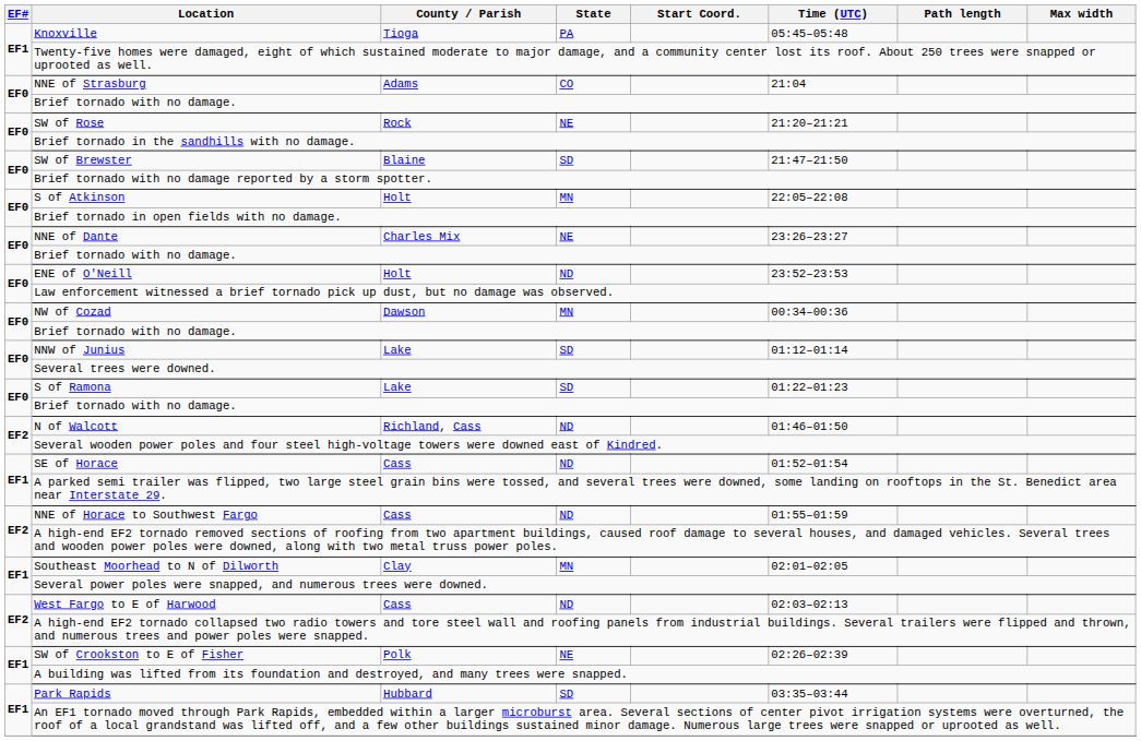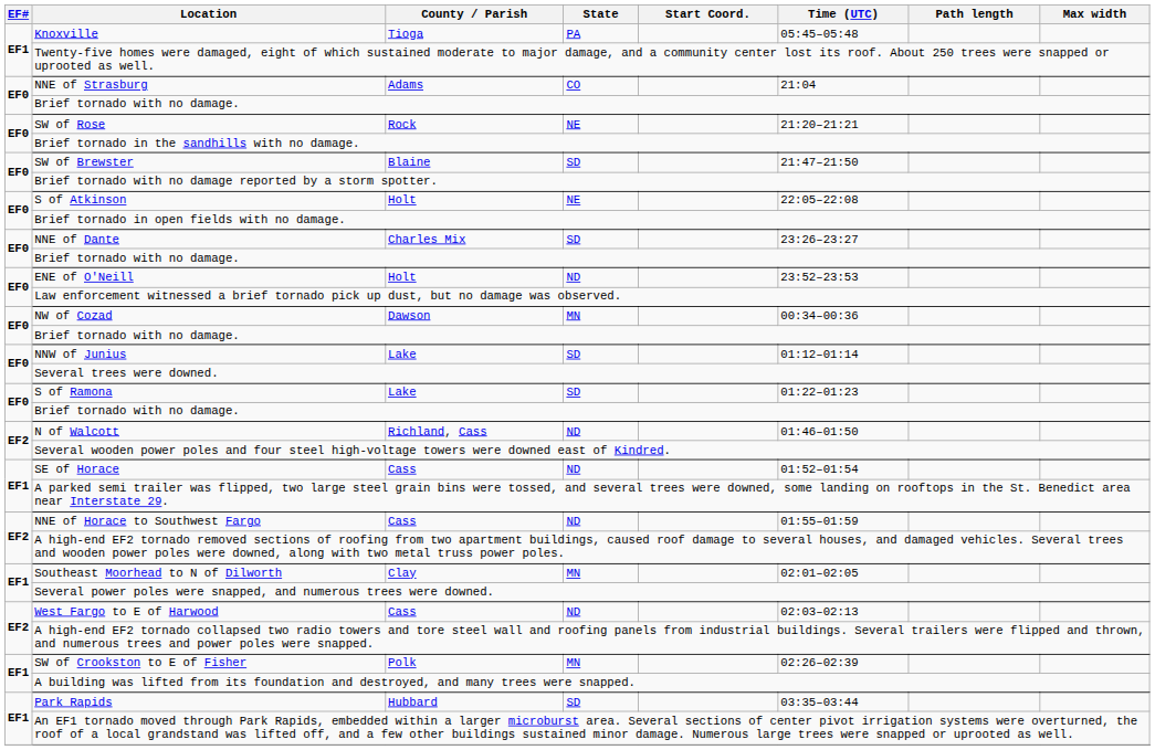 <table class="wikitable sortable" style="width:100%;">
 <tr>
 <th scope="col" width="2%" align="center"><a href='#'>EF#</a></th>
 <th scope="col" align="center" class="unsortable">Location</th>
 <th scope="col" align="center" class="unsortable">County / Parish</th>
 <th scope="col" align="center">State</th>
 <th scope="col" align="center" data-sort-type="number">Start Coord.</th>
 <th scope="col" align="center" data-sort-type="number">Time (<a href='#'>UTC</a>)</th>
 <th scope="col" align="center" data-sort-type="number">Path length</th>
 <th scope="col" align="center" data-sort-type="number">Max width</th>
 </tr>
 <tr>
 <td rowspan="2" align="center"><strong>EF1</strong></td>
 <td><a href='#'>Knoxville</a></td>
 <td><a href='#'>Tioga</a></td>
 <td><a href='#'>PA</a></td>
 <td></td>
 <td>05:45–05:48</td>
 <td></td>
 <td></td>
 </tr>
 <tr class="expand-child">
 <td colspan="8" style=" border-bottom: 1px solid black;">Twenty-five homes were damaged, eight of which sustained moderate to major damage, and a community center lost its roof. About 250 trees were snapped or uprooted as well.</td>
 </tr>
 <tr>
 <td rowspan="2" align="center"><strong>EF0</strong></td>
 <td>NNE of <a href='#'>Strasburg</a></td>
 <td><a href='#'>Adams</a></td>
 <td><a href='#'>CO</a></td>
 <td></td>
 <td>21:04</td>
 <td></td>
 <td></td>
 </tr>
 <tr class="expand-child">
 <td colspan="8" style=" border-bottom: 1px solid black;">Brief tornado with no damage.</td>
 </tr>
 <tr>
 <td rowspan="2" align="center"><strong>EF0</strong></td>
 <td>SW of <a href='#'>Rose</a></td>
 <td><a href='#'>Rock</a></td>
 <td><a href='#'>NE</a></td>
 <td></td>
 <td>21:20–21:21</td>
 <td></td>
 <td></td>
 </tr>
 <tr class="expand-child">
 <td colspan="8" style=" border-bottom: 1px solid black;">Brief tornado in the <a href='#'>sandhills</a> with no damage.</td>
 </tr>
 <tr>
 <td rowspan="2" align="center"><strong>EF0</strong></td>
 <td>SW of <a href='#'>Brewster</a></td>
 <td><a href='#'>Blaine</a></td>
 <td><a href='#'>SD</a></td>
 <td></td>
 <td>21:47–21:50</td>
 <td></td>
 <td></td>
 </tr>
 <tr class="expand-child">
 <td colspan="8" style=" border-bottom: 1px solid black;">Brief tornado with no damage reported by a storm spotter.</td>
 </tr>
 <tr>
 <td rowspan="2" align="center"><strong>EF0</strong></td>
 <td>S of <a href='#'>Atkinson</a></td>
 <td><a href='#'>Holt</a></td>
-<td><a href='#'>MN</a></td>
+<td><a href='#'>NE</a></td>
 <td></td>
 <td>22:05–22:08</td>
 <td></td>
 <td></td>
 </tr>
 <tr class="expand-child">
 <td colspan="8" style=" border-bottom: 1px solid black;">Brief tornado in open fields with no damage.</td>
 </tr>
 <tr>
 <td rowspan="2" align="center"><strong>EF0</strong></td>
 <td>NNE of <a href='#'>Dante</a></td>
 <td><a href='#'>Charles Mix</a></td>
-<td><a href='#'>NE</a></td>
+<td><a href='#'>SD</a></td>
 <td></td>
 <td>23:26–23:27</td>
 <td></td>
 <td></td>
 </tr>
 <tr class="expand-child">
 <td colspan="8" style=" border-bottom: 1px solid black;">Brief tornado with no damage.</td>
 </tr>
 <tr>
 <td rowspan="2" align="center"><strong>EF0</strong></td>
 <td>ENE of <a href='#'>O'Neill</a></td>
 <td><a href='#'>Holt</a></td>
 <td><a href='#'>ND</a></td>
 <td></td>
 <td>23:52–23:53</td>
 <td></td>
 <td></td>
 </tr>
 <tr class="expand-child">
 <td colspan="8" style=" border-bottom: 1px solid black;">Law enforcement witnessed a brief tornado pick up dust, but no damage was observed.</td>
 </tr>
 <tr>
 <td rowspan="2" align="center"><strong>EF0</strong></td>
 <td>NW of <a href='#'>Cozad</a></td>
 <td><a href='#'>Dawson</a></td>
 <td><a href='#'>MN</a></td>
 <td></td>
 <td>00:34–00:36</td>
 <td></td>
 <td></td>
 </tr>
 <tr class="expand-child">
 <td colspan="8" style=" border-bottom: 1px solid black;">Brief tornado with no damage.</td>
 </tr>
 <tr>
 <td rowspan="2" align="center"><strong>EF0</strong></td>
 <td>NNW of <a href='#'>Junius</a></td>
 <td><a href='#'>Lake</a></td>
 <td><a href='#'>SD</a></td>
 <td></td>
 <td>01:12–01:14</td>
 <td></td>
 <td></td>
 </tr>
 <tr class="expand-child">
 <td colspan="8" style=" border-bottom: 1px solid black;">Several trees were downed.</td>
 </tr>
 <tr>
 <td rowspan="2" align="center"><strong>EF0</strong></td>
 <td>S of <a href='#'>Ramona</a></td>
 <td><a href='#'>Lake</a></td>
 <td><a href='#'>SD</a></td>
 <td></td>
 <td>01:22–01:23</td>
 <td></td>
 <td></td>
 </tr>
 <tr class="expand-child">
 <td colspan="8" style=" border-bottom: 1px solid black;">Brief tornado with no damage.</td>
 </tr>
 <tr>
 <td rowspan="2" align="center"><strong>EF2</strong></td>
 <td>N of <a href='#'>Walcott</a></td>
 <td><a href='#'>Richland</a>, <a href='#'>Cass</a></td>
 <td><a href='#'>ND</a></td>
 <td></td>
 <td>01:46–01:50</td>
 <td></td>
 <td></td>
 </tr>
 <tr class="expand-child">
 <td colspan="8" style=" border-bottom: 1px solid black;">Several wooden power poles and four steel high-voltage towers were downed east of <a href='#'>Kindred</a>.</td>
 </tr>
 <tr>
 <td rowspan="2" align="center"><strong>EF1</strong></td>
 <td>SE of <a href='#'>Horace</a></td>
 <td><a href='#'>Cass</a></td>
 <td><a href='#'>ND</a></td>
 <td></td>
 <td>01:52–01:54</td>
 <td></td>
 <td></td>
 </tr>
 <tr class="expand-child">
 <td colspan="8" style=" border-bottom: 1px solid black;">A parked semi trailer was flipped, two large steel grain bins were tossed, and several trees were downed, some landing on rooftops in the St. Benedict area near <a href='#'>Interstate 29</a>.</td>
 </tr>
 <tr>
 <td rowspan="2" align="center"><strong>EF2</strong></td>
 <td>NNE of <a href='#'>Horace</a> to Southwest <a href='#'>Fargo</a></td>
 <td><a href='#'>Cass</a></td>
 <td><a href='#'>ND</a></td>
 <td></td>
 <td>01:55–01:59</td>
 <td></td>
 <td></td>
 </tr>
 <tr class="expand-child">
 <td colspan="8" style=" border-bottom: 1px solid black;">A high-end EF2 tornado removed sections of roofing from two apartment buildings, caused roof damage to several houses, and damaged vehicles. Several trees and wooden power poles were downed, along with two metal truss power poles.</td>
 </tr>
 <tr>
 <td rowspan="2" align="center"><strong>EF1</strong></td>
 <td>Southeast <a href='#'>Moorhead</a> to N of <a href='#'>Dilworth</a></td>
 <td><a href='#'>Clay</a></td>
 <td><a href='#'>MN</a></td>
 <td></td>
 <td>02:01–02:05</td>
 <td></td>
 <td></td>
 </tr>
 <tr class="expand-child">
 <td colspan="8" style=" border-bottom: 1px solid black;">Several power poles were snapped, and numerous trees were downed.</td>
 </tr>
 <tr>
 <td rowspan="2" align="center"><strong>EF2</strong></td>
 <td><a href='#'>West Fargo</a> to E of <a href='#'>Harwood</a></td>
 <td><a href='#'>Cass</a></td>
 <td><a href='#'>ND</a></td>
 <td></td>
 <td>02:03–02:13</td>
 <td></td>
 <td></td>
 </tr>
 <tr class="expand-child">
 <td colspan="8" style=" border-bottom: 1px solid black;">A high-end EF2 tornado collapsed two radio towers and tore steel wall and roofing panels from industrial buildings. Several trailers were flipped and thrown, and numerous trees and power poles were snapped.</td>
 </tr>
 <tr>
 <td rowspan="2" align="center"><strong>EF1</strong></td>
 <td>SW of <a href='#'>Crookston</a> to E of <a href='#'>Fisher</a></td>
 <td><a href='#'>Polk</a></td>
-<td><a href='#'>NE</a></td>
+<td><a href='#'>MN</a></td>
 <td></td>
 <td>02:26–02:39</td>
 <td></td>
 <td></td>
 </tr>
 <tr class="expand-child">
 <td colspan="8" style=" border-bottom: 1px solid black;">A  building was lifted from its foundation and destroyed, and many trees were snapped.</td>
 </tr>
 <tr>
 <td rowspan="2" align="center"><strong>EF1</strong></td>
 <td><a href='#'>Park Rapids</a></td>
 <td><a href='#'>Hubbard</a></td>
 <td><a href='#'>SD</a></td>
 <td></td>
 <td>03:35–03:44</td>
 <td></td>
 <td></td>
 </tr>
 <tr class="expand-child">
 <td colspan="8" style=" border-bottom: 1px solid black;">An EF1 tornado moved through Park Rapids, embedded within a larger <a href='#'>microburst</a> area. Several sections of center pivot irrigation systems were overturned, the roof of a local grandstand was lifted off, and a few other buildings sustained minor damage. Numerous large trees were snapped or uprooted as well.</td>
 </tr>
 <tr>
 </tr>
 </table>
